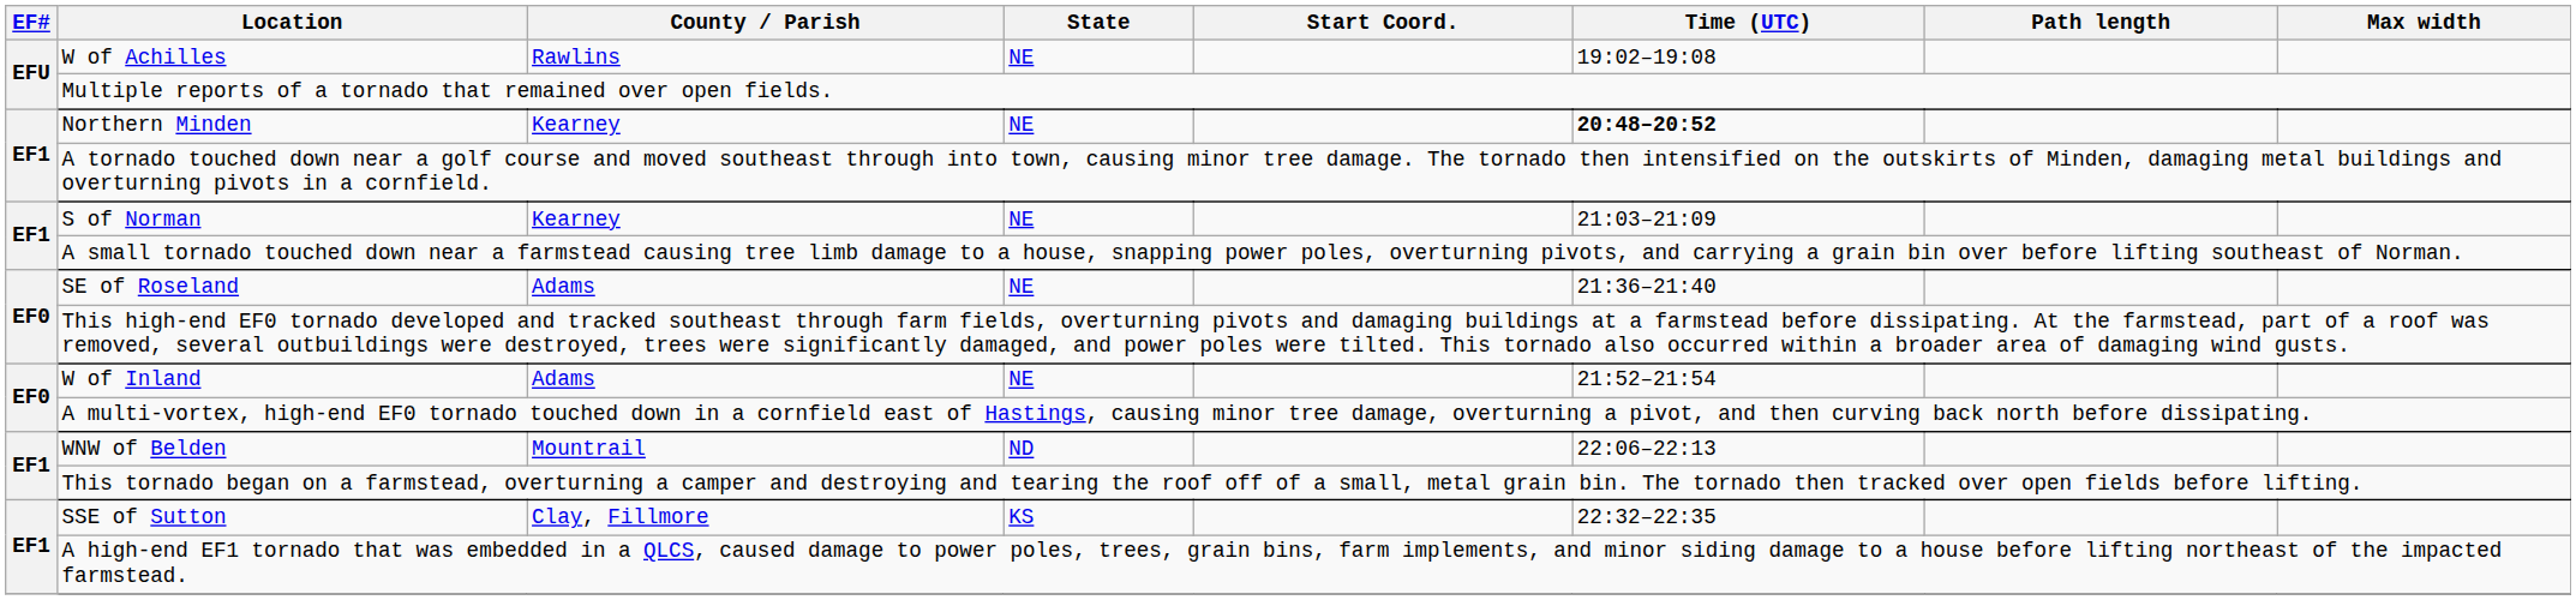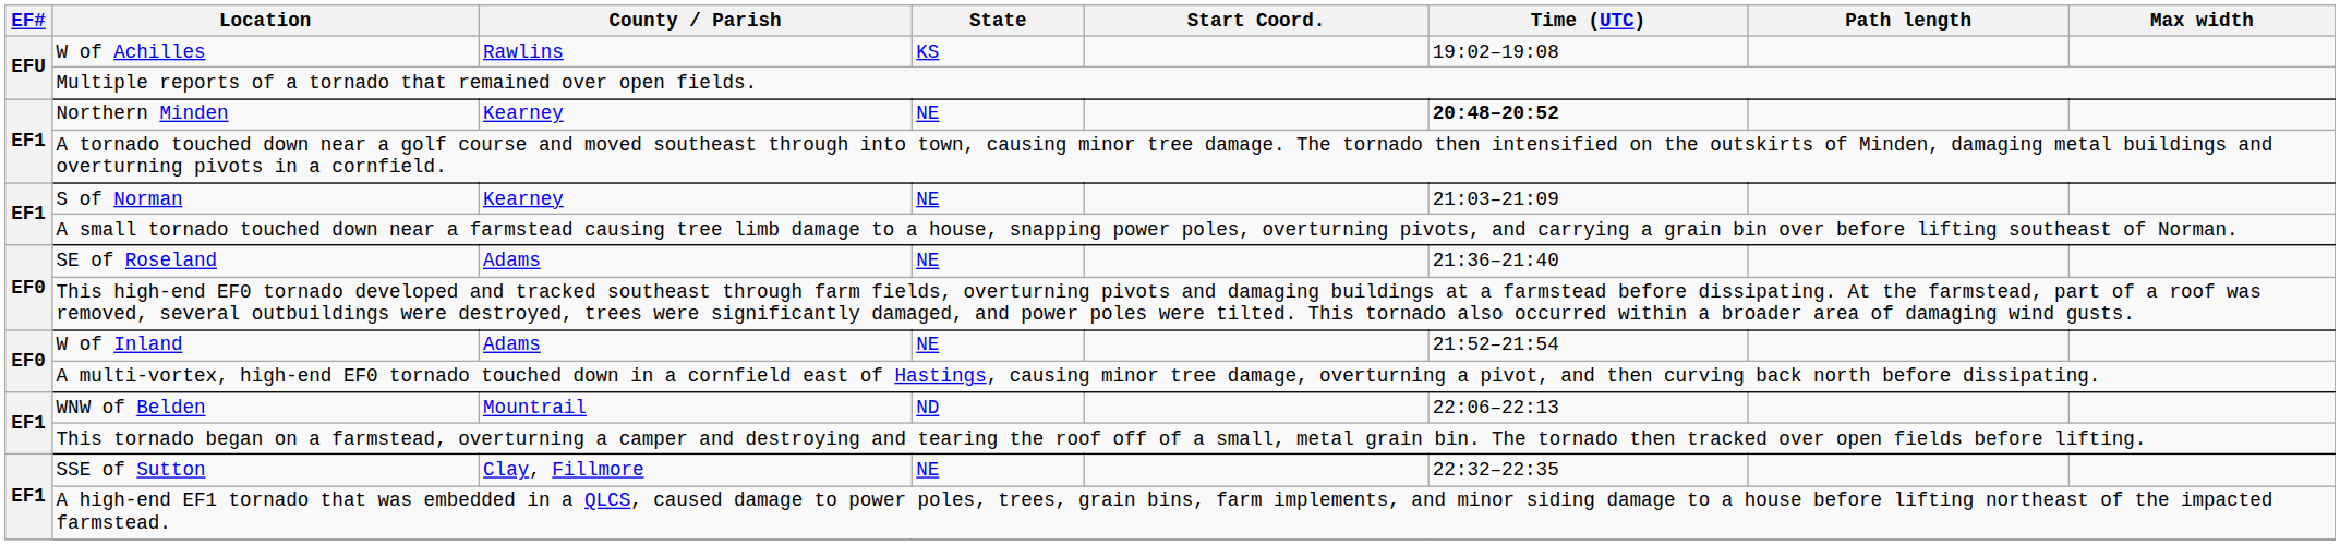 <table class="wikitable sortable" style="width:100%;">
 <tr>
 <th scope="col" width="2%" align="center"><a href='#'>EF#</a></th>
 <th scope="col" align="center" class="unsortable">Location</th>
 <th scope="col" align="center" class="unsortable">County / Parish</th>
 <th scope="col" align="center">State</th>
 <th scope="col" align="center">Start Coord.</th>
 <th scope="col" align="center">Time (<a href='#'>UTC</a>)</th>
 <th scope="col" align="center">Path length</th>
 <th scope="col" align="center">Max width</th>
 </tr>
 <tr>
 <th scope="row" rowspan="2" style="background-color:#">EFU</th>
 <td>W of <a href='#'>Achilles</a></td>
 <td><a href='#'>Rawlins</a></td>
-<td><a href='#'>NE</a></td>
+<td><a href='#'>KS</a></td>
 <td></td>
 <td>19:02–19:08</td>
 <td></td>
 <td></td>
 </tr>
 <tr class="expand-child">
 <td colspan="8" style=" border-bottom: 1px solid black;">Multiple reports of a tornado that remained over open fields.</td>
 </tr>
 <tr>
 <th scope="row" rowspan="2" style="background-color:#">EF1</th>
 <td>Northern <a href='#'>Minden</a></td>
 <td><a href='#'>Kearney</a></td>
 <td><a href='#'>NE</a></td>
 <td></td>
 <td><strong>20:48–20:52</strong></td>
 <td></td>
 <td></td>
 </tr>
 <tr class="expand-child">
 <td colspan="8" style=" border-bottom: 1px solid black;">A tornado touched down near a golf course and moved southeast through into town, causing minor tree damage. The tornado then intensified on the outskirts of Minden, damaging metal buildings and overturning pivots in a cornfield.</td>
 </tr>
 <tr>
 <th scope="row" rowspan="2" style="background-color:#">EF1</th>
 <td>S of <a href='#'>Norman</a></td>
 <td><a href='#'>Kearney</a></td>
 <td><a href='#'>NE</a></td>
 <td></td>
 <td>21:03–21:09</td>
 <td></td>
 <td></td>
 </tr>
 <tr class="expand-child">
 <td colspan="8" style=" border-bottom: 1px solid black;">A small tornado touched down near a farmstead causing tree limb damage to a house, snapping power poles, overturning pivots, and carrying a grain bin over  before lifting southeast of Norman.</td>
 </tr>
 <tr>
 <th scope="row" rowspan="2" style="background-color:#">EF0</th>
 <td>SE of <a href='#'>Roseland</a></td>
 <td><a href='#'>Adams</a></td>
 <td><a href='#'>NE</a></td>
 <td></td>
 <td>21:36–21:40</td>
 <td></td>
 <td></td>
 </tr>
 <tr class="expand-child">
 <td colspan="8" style=" border-bottom: 1px solid black;">This high-end EF0 tornado developed and tracked southeast through farm fields, overturning pivots and damaging buildings at a farmstead before dissipating. At the farmstead, part of a roof was removed, several outbuildings were destroyed, trees were significantly damaged, and power poles were tilted. This tornado also occurred within a broader area of damaging wind gusts.</td>
 </tr>
 <tr>
 <th scope="row" rowspan="2" style="background-color:#">EF0</th>
 <td>W of <a href='#'>Inland</a></td>
 <td><a href='#'>Adams</a></td>
 <td><a href='#'>NE</a></td>
 <td></td>
 <td>21:52–21:54</td>
 <td></td>
 <td></td>
 </tr>
 <tr class="expand-child">
 <td colspan="8" style=" border-bottom: 1px solid black;">A multi-vortex, high-end EF0 tornado touched down in a cornfield east of <a href='#'>Hastings</a>, causing minor tree damage, overturning a pivot, and then curving back north before dissipating.</td>
 </tr>
 <tr>
 <th scope="row" rowspan="2" style="background-color:#">EF1</th>
 <td>WNW of <a href='#'>Belden</a></td>
 <td><a href='#'>Mountrail</a></td>
 <td><a href='#'>ND</a></td>
 <td></td>
 <td>22:06–22:13</td>
 <td></td>
 <td></td>
 </tr>
 <tr class="expand-child">
 <td colspan="8" style=" border-bottom: 1px solid black;">This tornado began on a farmstead, overturning a camper and destroying and tearing the roof off of a small, metal grain bin. The tornado then tracked over open fields before lifting.</td>
 </tr>
 <tr>
 <th scope="row" rowspan="2" style="background-color:#">EF1</th>
 <td>SSE of <a href='#'>Sutton</a></td>
 <td><a href='#'>Clay</a>, <a href='#'>Fillmore</a></td>
-<td><a href='#'>KS</a></td>
+<td><a href='#'>NE</a></td>
 <td></td>
 <td>22:32–22:35</td>
 <td></td>
 <td></td>
 </tr>
 <tr class="expand-child">
 <td colspan="8" style=" border-bottom: 1px solid black;">A high-end EF1 tornado that was embedded in a <a href='#'>QLCS</a>, caused damage to power poles, trees, grain bins, farm implements, and minor siding damage to a house before lifting northeast of the impacted farmstead.</td>
 </tr>
 <tr>
 </tr>
 </table>
